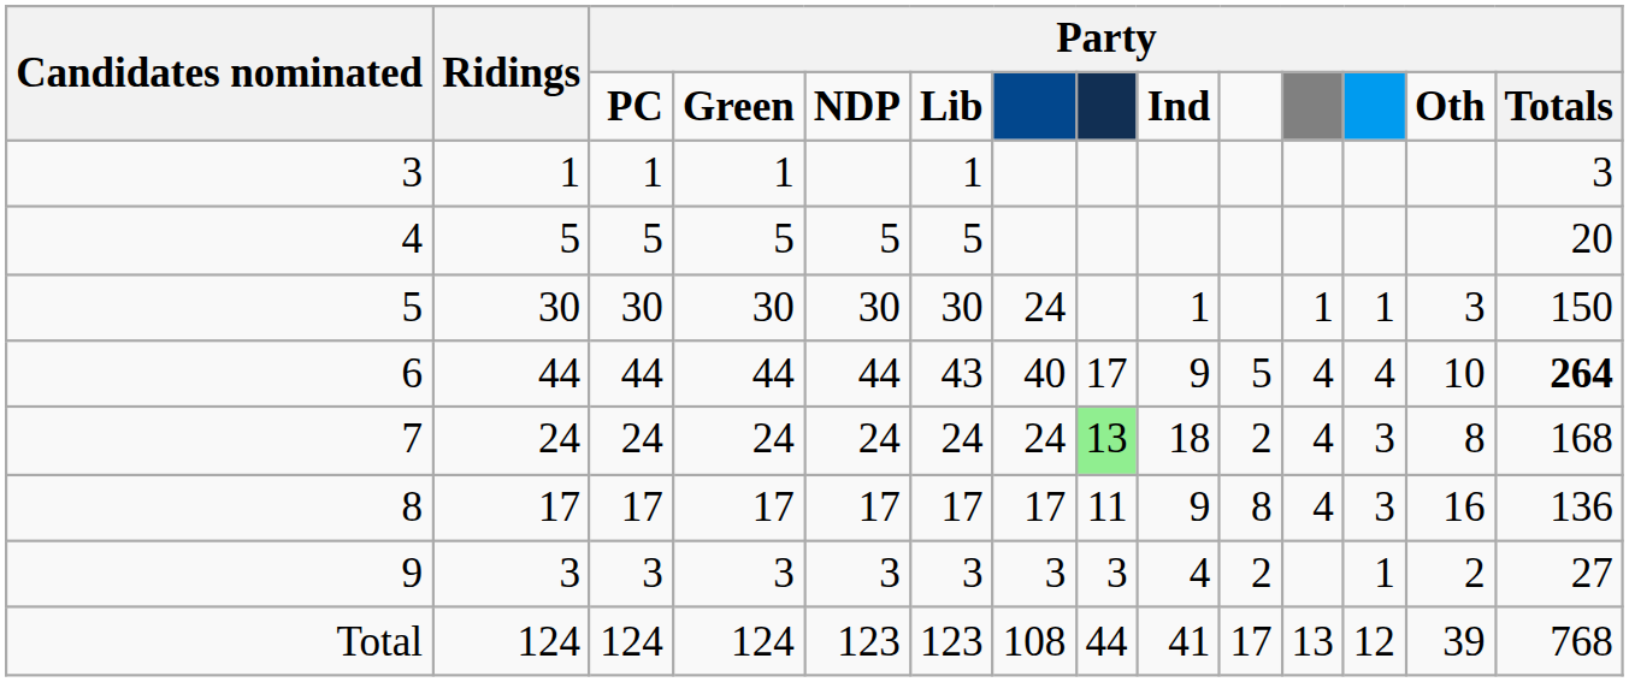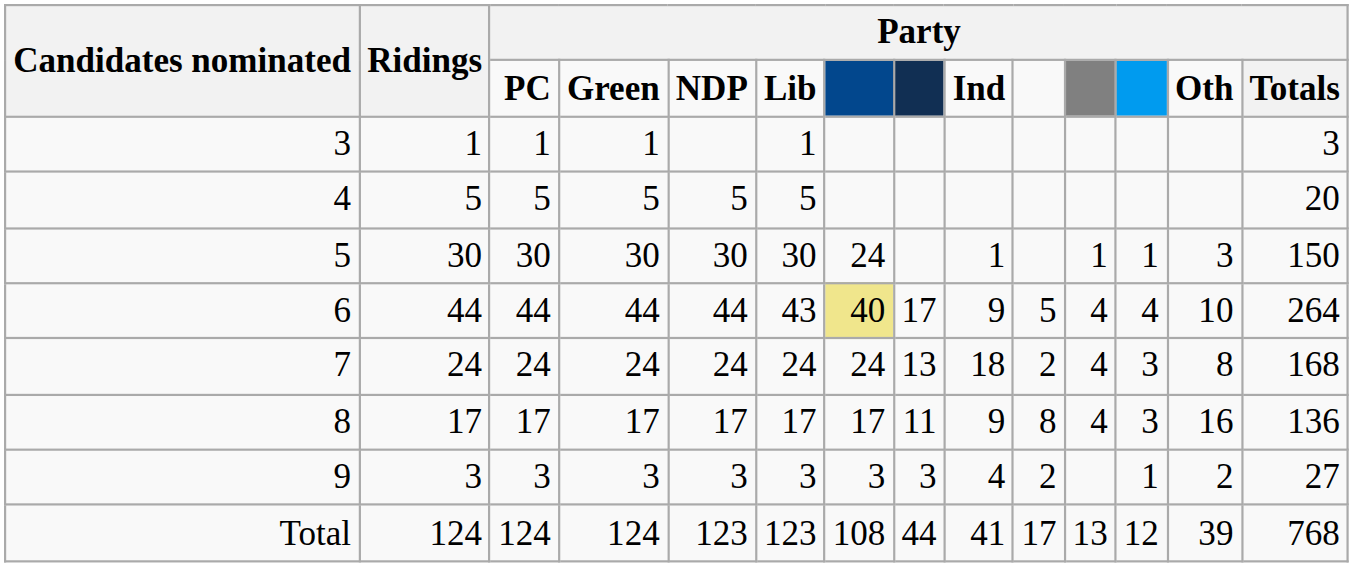 <table class="wikitable" style="text-align:right;">
 <tr>
 <th rowspan="2">Candidates nominated</th>
 <th rowspan="2">Ridings</th>
 <th colspan="12">Party</th>
 </tr>
 <tr>
 <td><strong>PC</strong></td>
 <td><strong>Green</strong></td>
 <td><strong>NDP</strong></td>
 <td><strong>Lib</strong></td>
 <td style="background-color:#02478d; color: white" align="center"><strong></strong></td>
 <td style="background-color:#112f53; color: white" align="center"><strong></strong></td>
 <td><strong>Ind</strong></td>
 <td><strong></strong></td>
 <td style="background-color:#808080; color: white" align="center"><strong></strong></td>
 <td style="background-color:#009bef; color: white" align="center"><strong></strong></td>
 <td><strong>Oth</strong></td>
 <th>Totals</th>
 </tr>
 <tr>
 <td>3</td>
 <td>1</td>
 <td>1</td>
 <td>1</td>
 <td></td>
 <td>1</td>
 <td></td>
 <td></td>
 <td></td>
 <td></td>
 <td></td>
 <td></td>
 <td></td>
 <td>3</td>
 </tr>
 <tr>
 <td>4</td>
 <td>5</td>
 <td>5</td>
 <td>5</td>
 <td>5</td>
 <td>5</td>
 <td></td>
 <td></td>
 <td></td>
 <td></td>
 <td></td>
 <td></td>
 <td></td>
 <td>20</td>
 </tr>
 <tr>
 <td>5</td>
 <td>30</td>
 <td>30</td>
 <td>30</td>
 <td>30</td>
 <td>30</td>
 <td>24</td>
 <td></td>
 <td>1</td>
 <td></td>
 <td>1</td>
 <td>1</td>
 <td>3</td>
 <td>150</td>
 </tr>
 <tr>
 <td>6</td>
 <td>44</td>
 <td>44</td>
 <td>44</td>
 <td>44</td>
 <td>43</td>
-<td>40</td>
+<td style="background: khaki;">40</td>
 <td>17</td>
 <td>9</td>
 <td>5</td>
 <td>4</td>
 <td>4</td>
 <td>10</td>
-<td><strong>264</strong></td>
+<td>264</td>
 </tr>
 <tr>
 <td>7</td>
 <td>24</td>
 <td>24</td>
 <td>24</td>
 <td>24</td>
 <td>24</td>
 <td>24</td>
-<td style="background: lightgreen;">13</td>
+<td>13</td>
 <td>18</td>
 <td>2</td>
 <td>4</td>
 <td>3</td>
 <td>8</td>
 <td>168</td>
 </tr>
 <tr>
 <td>8</td>
 <td>17</td>
 <td>17</td>
 <td>17</td>
 <td>17</td>
 <td>17</td>
 <td>17</td>
 <td>11</td>
 <td>9</td>
 <td>8</td>
 <td>4</td>
 <td>3</td>
 <td>16</td>
 <td>136</td>
 </tr>
 <tr>
 <td>9</td>
 <td>3</td>
 <td>3</td>
 <td>3</td>
 <td>3</td>
 <td>3</td>
 <td>3</td>
 <td>3</td>
 <td>4</td>
 <td>2</td>
 <td></td>
 <td>1</td>
 <td>2</td>
 <td>27</td>
 </tr>
 <tr>
 <td>Total</td>
 <td>124</td>
 <td>124</td>
 <td>124</td>
 <td>123</td>
 <td>123</td>
 <td>108</td>
 <td>44</td>
 <td>41</td>
 <td>17</td>
 <td>13</td>
 <td>12</td>
 <td>39</td>
 <td>768</td>
 </tr>
 </table>
